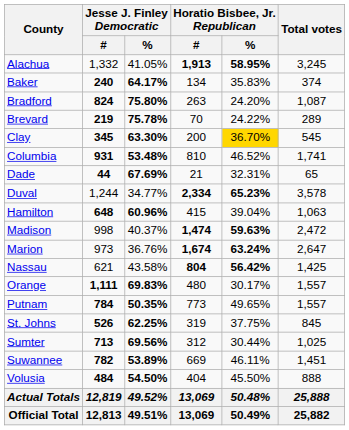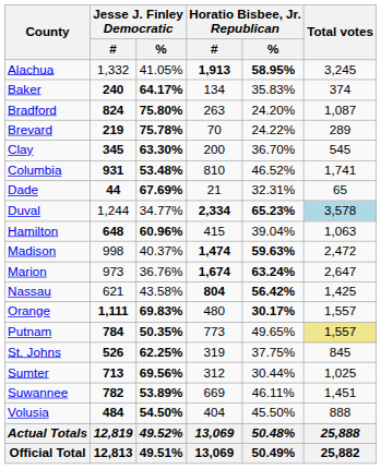 <table class="wikitable sortable">
 <tr>
 <th rowspan="2">County</th>
 <th colspan="2" style="text-align: center;" >Jesse J. Finley <br><em>Democratic</em></th>
 <th colspan="2" style="text-align: center;" >Horatio Bisbee, Jr. <br> <em>Republican</em></th>
 <th rowspan="2">Total votes</th>
 </tr>
 <tr>
 <th colspan="1" style="text-align: center;" >#</th>
 <th colspan="1" style="text-align: center;" >%</th>
 <th colspan="1" style="text-align: center;" >#</th>
 <th colspan="1" style="text-align: center;" >%</th>
 </tr>
 <tr>
 <td><a href='#'>Alachua</a></td>
 <td align="center">1,332</td>
 <td align="center">41.05%</td>
 <td align="center"><strong>1,913</strong></td>
 <td align="center"><strong>58.95%</strong></td>
 <td align="center">3,245</td>
 </tr>
 <tr>
 <td><a href='#'>Baker</a></td>
 <td align="center"><strong>240</strong></td>
 <td align="center"><strong>64.17%</strong></td>
 <td align="center">134</td>
 <td align="center">35.83%</td>
 <td align="center">374</td>
 </tr>
 <tr>
 <td><a href='#'>Bradford</a></td>
 <td align="center"><strong>824</strong></td>
 <td align="center"><strong>75.80%</strong></td>
 <td align="center">263</td>
 <td align="center">24.20%</td>
 <td align="center">1,087</td>
 </tr>
 <tr>
 <td><a href='#'>Brevard</a></td>
 <td align="center"><strong>219</strong></td>
 <td align="center"><strong>75.78%</strong></td>
 <td align="center">70</td>
 <td align="center">24.22%</td>
 <td align="center">289</td>
 </tr>
 <tr>
 <td><a href='#'>Clay</a></td>
 <td align="center"><strong>345</strong></td>
 <td align="center"><strong>63.30%</strong></td>
 <td align="center">200</td>
-<td align="center" style="background: gold;">36.70%</td>
+<td align="center">36.70%</td>
 <td align="center">545</td>
 </tr>
 <tr>
 <td><a href='#'>Columbia</a></td>
 <td align="center"><strong>931</strong></td>
 <td align="center"><strong>53.48%</strong></td>
 <td align="center">810</td>
 <td align="center">46.52%</td>
 <td align="center">1,741</td>
 </tr>
 <tr>
 <td><a href='#'>Dade</a></td>
 <td align="center"><strong>44</strong></td>
 <td align="center"><strong>67.69%</strong></td>
 <td align="center">21</td>
 <td align="center">32.31%</td>
 <td align="center">65</td>
 </tr>
 <tr>
 <td><a href='#'>Duval</a></td>
 <td align="center">1,244</td>
 <td align="center">34.77%</td>
 <td align="center"><strong>2,334</strong></td>
 <td align="center"><strong>65.23%</strong></td>
-<td align="center">3,578</td>
+<td align="center" style="background: lightblue;">3,578</td>
 </tr>
 <tr>
 <td><a href='#'>Hamilton</a></td>
 <td align="center"><strong>648</strong></td>
 <td align="center"><strong>60.96%</strong></td>
 <td align="center">415</td>
 <td align="center">39.04%</td>
 <td align="center">1,063</td>
 </tr>
 <tr>
 <td><a href='#'>Madison</a></td>
 <td align="center">998</td>
 <td align="center">40.37%</td>
 <td align="center"><strong>1,474</strong></td>
 <td align="center"><strong>59.63%</strong></td>
 <td align="center">2,472</td>
 </tr>
 <tr>
 <td><a href='#'>Marion</a></td>
 <td align="center">973</td>
 <td align="center">36.76%</td>
 <td align="center"><strong>1,674</strong></td>
 <td align="center"><strong>63.24%</strong></td>
 <td align="center">2,647</td>
 </tr>
 <tr>
 <td><a href='#'>Nassau</a></td>
 <td align="center">621</td>
 <td align="center">43.58%</td>
 <td align="center"><strong>804</strong></td>
 <td align="center"><strong>56.42%</strong></td>
 <td align="center">1,425</td>
 </tr>
 <tr>
 <td><a href='#'>Orange</a></td>
 <td align="center"><strong>1,111</strong></td>
 <td align="center"><strong>69.83%</strong></td>
 <td align="center">480</td>
-<td align="center">30.17%</td>
+<td align="center"><strong>30.17%</strong></td>
 <td align="center">1,557</td>
 </tr>
 <tr>
 <td><a href='#'>Putnam</a></td>
 <td align="center"><strong>784</strong></td>
 <td align="center"><strong>50.35%</strong></td>
 <td align="center">773</td>
 <td align="center">49.65%</td>
-<td align="center">1,557</td>
+<td align="center" style="background: khaki;">1,557</td>
 </tr>
 <tr>
 <td><a href='#'>St. Johns</a></td>
 <td align="center"><strong>526</strong></td>
 <td align="center"><strong>62.25%</strong></td>
 <td align="center">319</td>
 <td align="center">37.75%</td>
 <td align="center">845</td>
 </tr>
 <tr>
 <td><a href='#'>Sumter</a></td>
 <td align="center"><strong>713</strong></td>
 <td align="center"><strong>69.56%</strong></td>
 <td align="center">312</td>
 <td align="center">30.44%</td>
 <td align="center">1,025</td>
 </tr>
 <tr>
 <td><a href='#'>Suwannee</a></td>
 <td align="center"><strong>782</strong></td>
 <td align="center"><strong>53.89%</strong></td>
 <td align="center">669</td>
 <td align="center">46.11%</td>
 <td align="center">1,451</td>
 </tr>
 <tr>
 <td><a href='#'>Volusia</a></td>
 <td align="center"><strong>484</strong></td>
 <td align="center"><strong>54.50%</strong></td>
 <td align="center">404</td>
 <td align="center">45.50%</td>
 <td align="center">888</td>
 </tr>
 <tr>
 <th><em>Actual Totals</em></th>
 <th><em>12,819</em></th>
 <th><em>49.52%</em></th>
 <th><em>13,069</em></th>
 <th><em>50.48%</em></th>
 <th><em>25,888</em></th>
 </tr>
 <tr>
 <th>Official Total</th>
 <th>12,813</th>
 <th>49.51%</th>
 <th>13,069</th>
 <th>50.49%</th>
 <th>25,882</th>
 </tr>
 </table>
